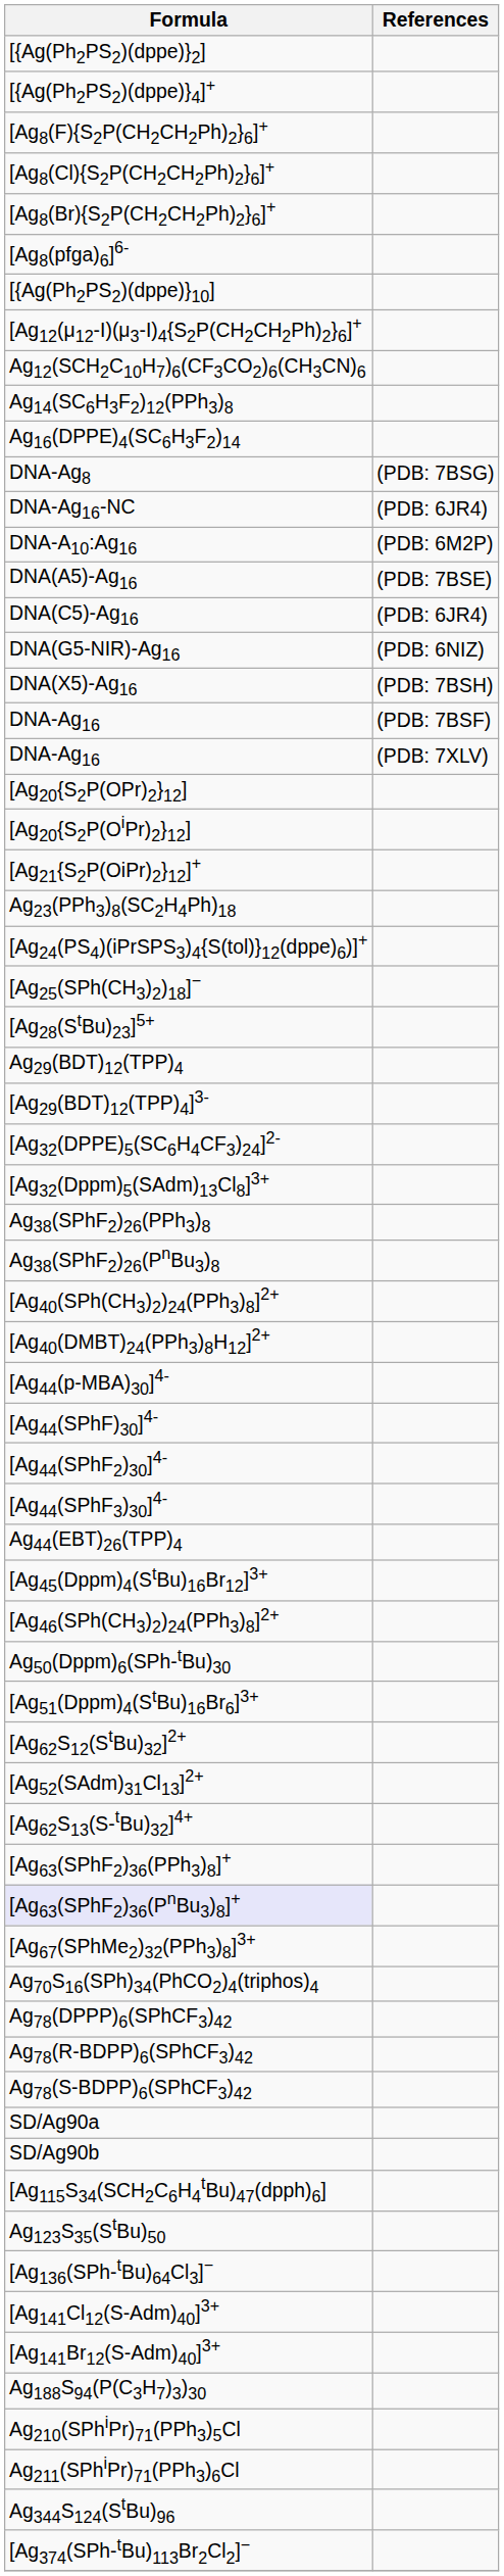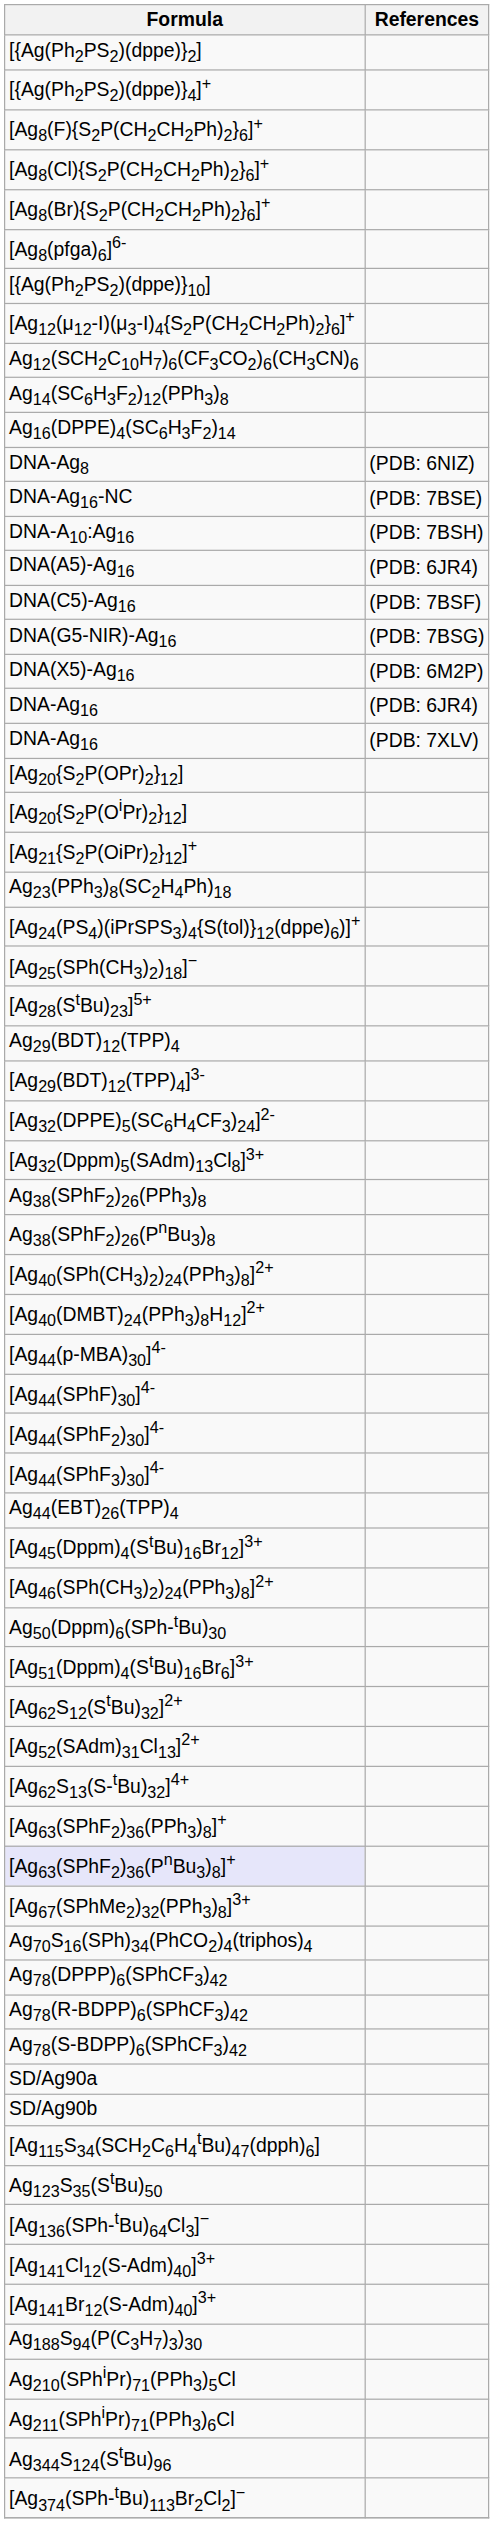 <table class="wikitable">
 <tr>
 <th>Formula</th>
 <th>References</th>
 </tr>
 <tr>
 <td>[{Ag(Ph<sub>2</sub>PS<sub>2</sub>)(dppe)}<sub>2</sub>]</td>
 <td></td>
 </tr>
 <tr>
 <td>[{Ag(Ph<sub>2</sub>PS<sub>2</sub>)(dppe)}<sub>4</sub>]<sup>+</sup></td>
 <td></td>
 </tr>
 <tr>
 <td>[Ag<sub>8</sub>(F){S<sub>2</sub>P(CH<sub>2</sub>CH<sub>2</sub>Ph)<sub>2</sub>}<sub>6</sub>]<sup>+</sup></td>
 <td></td>
 </tr>
 <tr>
 <td>[Ag<sub>8</sub>(Cl){S<sub>2</sub>P(CH<sub>2</sub>CH<sub>2</sub>Ph)<sub>2</sub>}<sub>6</sub>]<sup>+</sup></td>
 <td></td>
 </tr>
 <tr>
 <td>[Ag<sub>8</sub>(Br){S<sub>2</sub>P(CH<sub>2</sub>CH<sub>2</sub>Ph)<sub>2</sub>}<sub>6</sub>]<sup>+</sup></td>
 <td></td>
 </tr>
 <tr>
 <td>[Ag<sub>8</sub>(pfga)<sub>6</sub>]<sup>6-</sup></td>
 <td></td>
 </tr>
 <tr>
 <td>[{Ag(Ph<sub>2</sub>PS<sub>2</sub>)(dppe)}<sub>10</sub>]</td>
 <td></td>
 </tr>
 <tr>
 <td>[Ag<sub>12</sub>(μ<sub>12</sub>-I)(μ<sub>3</sub>-I)<sub>4</sub>{S<sub>2</sub>P(CH<sub>2</sub>CH<sub>2</sub>Ph)<sub>2</sub>}<sub>6</sub>]<sup>+</sup></td>
 <td></td>
 </tr>
 <tr>
 <td>Ag<sub>12</sub>(SCH<sub>2</sub>C<sub>10</sub>H<sub>7</sub>)<sub>6</sub>(CF<sub>3</sub>CO<sub>2</sub>)<sub>6</sub>(CH<sub>3</sub>CN)<sub>6</sub></td>
 <td></td>
 </tr>
 <tr>
 <td>Ag<sub>14</sub>(SC<sub>6</sub>H<sub>3</sub>F<sub>2</sub>)<sub>12</sub>(PPh<sub>3</sub>)<sub>8</sub></td>
 <td></td>
 </tr>
 <tr>
 <td>Ag<sub>16</sub>(DPPE)<sub>4</sub>(SC<sub>6</sub>H<sub>3</sub>F<sub>2</sub>)<sub>14</sub></td>
 <td></td>
 </tr>
 <tr>
 <td>DNA-Ag<sub>8</sub></td>
+<td> (PDB: 6NIZ)</td>
+</tr>
+<tr>
+<td>DNA-Ag<sub>16</sub>-NC</td>
+<td> (PDB: 7BSE)</td>
+</tr>
+<tr>
+<td>DNA-A<sub>10</sub>:Ag<sub>16</sub></td>
+<td> (PDB: 7BSH)</td>
+</tr>
+<tr>
+<td>DNA(A5)-Ag<sub>16</sub></td>
+<td> (PDB: 6JR4)</td>
+</tr>
+<tr>
+<td>DNA(C5)-Ag<sub>16</sub></td>
+<td> (PDB: 7BSF)</td>
+</tr>
+<tr>
+<td>DNA(G5-NIR)-Ag<sub>16</sub></td>
 <td> (PDB: 7BSG)</td>
 </tr>
 <tr>
-<td>DNA-Ag<sub>16</sub>-NC</td>
-<td> (PDB: 6JR4)</td>
-</tr>
-<tr>
-<td>DNA-A<sub>10</sub>:Ag<sub>16</sub></td>
+<td>DNA(X5)-Ag<sub>16</sub></td>
 <td> (PDB: 6M2P)</td>
 </tr>
 <tr>
-<td>DNA(A5)-Ag<sub>16</sub></td>
-<td> (PDB: 7BSE)</td>
-</tr>
-<tr>
-<td>DNA(C5)-Ag<sub>16</sub></td>
+<td>DNA-Ag<sub>16</sub></td>
 <td> (PDB: 6JR4)</td>
-</tr>
-<tr>
-<td>DNA(G5-NIR)-Ag<sub>16</sub></td>
-<td> (PDB: 6NIZ)</td>
-</tr>
-<tr>
-<td>DNA(X5)-Ag<sub>16</sub></td>
-<td> (PDB: 7BSH)</td>
-</tr>
-<tr>
-<td>DNA-Ag<sub>16</sub></td>
-<td> (PDB: 7BSF)</td>
 </tr>
 <tr>
 <td>DNA-Ag<sub>16</sub></td>
 <td> (PDB: 7XLV)</td>
 </tr>
 <tr>
 <td>[Ag<sub>20</sub>{S<sub>2</sub>P(OPr)<sub>2</sub>}<sub>12</sub>]</td>
 <td></td>
 </tr>
 <tr>
 <td>[Ag<sub>20</sub>{S<sub>2</sub>P(O<sup>i</sup>Pr)<sub>2</sub>}<sub>12</sub>]</td>
 <td></td>
 </tr>
 <tr>
 <td>[Ag<sub>21</sub>{S<sub>2</sub>P(OiPr)<sub>2</sub>}<sub>12</sub>]<sup>+</sup></td>
 <td></td>
 </tr>
 <tr>
 <td>Ag<sub>23</sub>(PPh<sub>3</sub>)<sub>8</sub>(SC<sub>2</sub>H<sub>4</sub>Ph)<sub>18</sub></td>
 <td></td>
 </tr>
 <tr>
 <td>[Ag<sub>24</sub>(PS<sub>4</sub>)(iPrSPS<sub>3</sub>)<sub>4</sub>{S(tol)}<sub>12</sub>(dppe)<sub>6</sub>)]<sup>+</sup></td>
 <td></td>
 </tr>
 <tr>
 <td>[Ag<sub>25</sub>(SPh(CH<sub>3</sub>)<sub>2</sub>)<sub>18</sub>]<sup>−</sup></td>
 <td></td>
 </tr>
 <tr>
 <td>[Ag<sub>28</sub>(S<sup>t</sup>Bu)<sub>23</sub>]<sup>5+</sup></td>
 <td></td>
 </tr>
 <tr>
 <td>Ag<sub>29</sub>(BDT)<sub>12</sub>(TPP)<sub>4</sub></td>
 <td></td>
 </tr>
 <tr>
 <td>[Ag<sub>29</sub>(BDT)<sub>12</sub>(TPP)<sub>4</sub>]<sup>3-</sup></td>
 <td></td>
 </tr>
 <tr>
 <td>[Ag<sub>32</sub>(DPPE)<sub>5</sub>(SC<sub>6</sub>H<sub>4</sub>CF<sub>3</sub>)<sub>24</sub>]<sup>2-</sup></td>
 <td></td>
 </tr>
 <tr>
 <td>[Ag<sub>32</sub>(Dppm)<sub>5</sub>(SAdm)<sub>13</sub>Cl<sub>8</sub>]<sup>3+</sup></td>
 <td></td>
 </tr>
 <tr>
 <td>Ag<sub>38</sub>(SPhF<sub>2</sub>)<sub>26</sub>(PPh<sub>3</sub>)<sub>8</sub></td>
 <td></td>
 </tr>
 <tr>
 <td>Ag<sub>38</sub>(SPhF<sub>2</sub>)<sub>26</sub>(P<sup>n</sup>Bu<sub>3</sub>)<sub>8</sub></td>
 <td></td>
 </tr>
 <tr>
 <td>[Ag<sub>40</sub>(SPh(CH<sub>3</sub>)<sub>2</sub>)<sub>24</sub>(PPh<sub>3</sub>)<sub>8</sub>]<sup>2+</sup></td>
 <td></td>
 </tr>
 <tr>
 <td>[Ag<sub>40</sub>(DMBT)<sub>24</sub>(PPh<sub>3</sub>)<sub>8</sub>H<sub>12</sub>]<sup>2+</sup></td>
 <td></td>
 </tr>
 <tr>
 <td>[Ag<sub>44</sub>(p-MBA)<sub>30</sub>]<sup>4-</sup></td>
 <td></td>
 </tr>
 <tr>
 <td>[Ag<sub>44</sub>(SPhF)<sub>30</sub>]<sup>4-</sup></td>
 <td></td>
 </tr>
 <tr>
 <td>[Ag<sub>44</sub>(SPhF<sub>2</sub>)<sub>30</sub>]<sup>4-</sup></td>
 <td></td>
 </tr>
 <tr>
 <td>[Ag<sub>44</sub>(SPhF<sub>3</sub>)<sub>30</sub>]<sup>4-</sup></td>
 <td></td>
 </tr>
 <tr>
 <td>Ag<sub>44</sub>(EBT)<sub>26</sub>(TPP)<sub>4</sub></td>
 <td></td>
 </tr>
 <tr>
 <td>[Ag<sub>45</sub>(Dppm)<sub>4</sub>(S<sup>t</sup>Bu)<sub>16</sub>Br<sub>12</sub>]<sup>3+</sup></td>
 <td></td>
 </tr>
 <tr>
 <td>[Ag<sub>46</sub>(SPh(CH<sub>3</sub>)<sub>2</sub>)<sub>24</sub>(PPh<sub>3</sub>)<sub>8</sub>]<sup>2+</sup></td>
 <td></td>
 </tr>
 <tr>
 <td>Ag<sub>50</sub>(Dppm)<sub>6</sub>(SPh-<sup>t</sup>Bu)<sub>30</sub></td>
 <td></td>
 </tr>
 <tr>
 <td>[Ag<sub>51</sub>(Dppm)<sub>4</sub>(S<sup>t</sup>Bu)<sub>16</sub>Br<sub>6</sub>]<sup>3+</sup></td>
 <td></td>
 </tr>
 <tr>
 <td>[Ag<sub>62</sub>S<sub>12</sub>(S<sup>t</sup>Bu)<sub>32</sub>]<sup>2+</sup></td>
 <td></td>
 </tr>
 <tr>
 <td>[Ag<sub>52</sub>(SAdm)<sub>31</sub>Cl<sub>13</sub>]<sup>2+</sup></td>
 <td></td>
 </tr>
 <tr>
 <td>[Ag<sub>62</sub>S<sub>13</sub>(S-<sup>t</sup>Bu)<sub>32</sub>]<sup>4+</sup></td>
 <td></td>
 </tr>
 <tr>
 <td>[Ag<sub>63</sub>(SPhF<sub>2</sub>)<sub>36</sub>(PPh<sub>3</sub>)<sub>8</sub>]<sup>+</sup></td>
 <td></td>
 </tr>
 <tr>
 <td style="background: lavender;">[Ag<sub>63</sub>(SPhF<sub>2</sub>)<sub>36</sub>(P<sup>n</sup>Bu<sub>3</sub>)<sub>8</sub>]<sup>+</sup></td>
 <td></td>
 </tr>
 <tr>
 <td>[Ag<sub>67</sub>(SPhMe<sub>2</sub>)<sub>32</sub>(PPh<sub>3</sub>)<sub>8</sub>]<sup>3+</sup></td>
 <td></td>
 </tr>
 <tr>
 <td>Ag<sub>70</sub>S<sub>16</sub>(SPh)<sub>34</sub>(PhCO<sub>2</sub>)<sub>4</sub>(triphos)<sub>4</sub></td>
 <td></td>
 </tr>
 <tr>
 <td>Ag<sub>78</sub>(DPPP)<sub>6</sub>(SPhCF<sub>3</sub>)<sub>42</sub></td>
 <td></td>
 </tr>
 <tr>
 <td>Ag<sub>78</sub>(R-BDPP)<sub>6</sub>(SPhCF<sub>3</sub>)<sub>42</sub></td>
 <td></td>
 </tr>
 <tr>
 <td>Ag<sub>78</sub>(S-BDPP)<sub>6</sub>(SPhCF<sub>3</sub>)<sub>42</sub></td>
 <td></td>
 </tr>
 <tr>
 <td>SD/Ag90a</td>
 <td></td>
 </tr>
 <tr>
 <td>SD/Ag90b</td>
 <td></td>
 </tr>
 <tr>
 <td>[Ag<sub>115</sub>S<sub>34</sub>(SCH<sub>2</sub>C<sub>6</sub>H<sub>4</sub><sup>t</sup>Bu)<sub>47</sub>(dpph)<sub>6</sub>]</td>
 <td></td>
 </tr>
 <tr>
 <td>Ag<sub>123</sub>S<sub>35</sub>(S<sup>t</sup>Bu)<sub>50</sub></td>
 <td></td>
 </tr>
 <tr>
 <td>[Ag<sub>136</sub>(SPh-<sup>t</sup>Bu)<sub>64</sub>Cl<sub>3</sub>]<sup>−</sup></td>
 <td></td>
 </tr>
 <tr>
 <td>[Ag<sub>141</sub>Cl<sub>12</sub>(S-Adm)<sub>40</sub>]<sup>3+</sup></td>
 <td></td>
 </tr>
 <tr>
 <td>[Ag<sub>141</sub>Br<sub>12</sub>(S-Adm)<sub>40</sub>]<sup>3+</sup></td>
 <td></td>
 </tr>
 <tr>
 <td>Ag<sub>188</sub>S<sub>94</sub>(P(C<sub>3</sub>H<sub>7</sub>)<sub>3</sub>)<sub>30</sub></td>
 <td></td>
 </tr>
 <tr>
 <td>Ag<sub>210</sub>(SPh<sup>i</sup>Pr)<sub>71</sub>(PPh<sub>3</sub>)<sub>5</sub>Cl</td>
 <td></td>
 </tr>
 <tr>
 <td>Ag<sub>211</sub>(SPh<sup>i</sup>Pr)<sub>71</sub>(PPh<sub>3</sub>)<sub>6</sub>Cl</td>
 <td></td>
 </tr>
 <tr>
 <td>Ag<sub>344</sub>S<sub>124</sub>(S<sup>t</sup>Bu)<sub>96</sub></td>
 <td></td>
 </tr>
 <tr>
 <td>[Ag<sub>374</sub>(SPh-<sup>t</sup>Bu)<sub>113</sub>Br<sub>2</sub>Cl<sub>2</sub>]<sup>−</sup></td>
 <td></td>
 </tr>
 <tr>
 </tr>
 </table>
